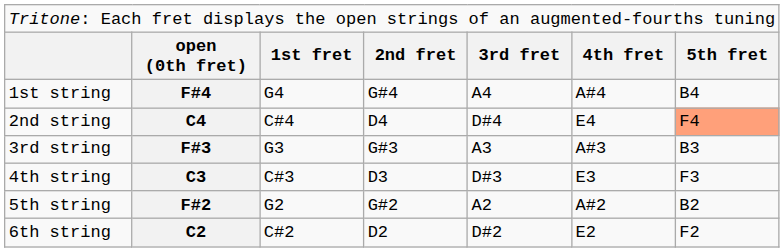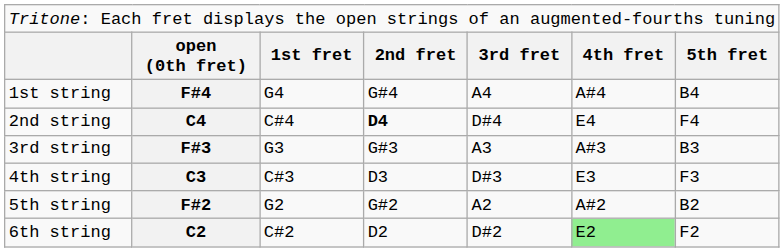 <table class="wikitable">
 <tr>
 <td align="center" colspan="7"><em>Tritone</em>: Each fret displays the open strings of an augmented-fourths tuning</td>
 </tr>
 <tr>
 <th></th>
 <th>open<br>(0th fret)</th>
 <th>1st fret</th>
 <th>2nd fret</th>
 <th>3rd fret</th>
 <th>4th fret</th>
 <th>5th fret</th>
 </tr>
 <tr>
 <td>1st string</td>
 <th>F#4</th>
 <td>G4</td>
 <td>G#4</td>
 <td>A4</td>
 <td>A#4</td>
 <td>B4</td>
 </tr>
 <tr>
 <td>2nd string</td>
 <th>C4</th>
 <td>C#4</td>
-<td>D4</td>
+<td><strong>D4</strong></td>
 <td>D#4</td>
 <td>E4</td>
-<td style="background: lightsalmon;">F4</td>
+<td>F4</td>
 </tr>
 <tr>
 <td>3rd string</td>
 <th>F#3</th>
 <td>G3</td>
 <td>G#3</td>
 <td>A3</td>
 <td>A#3</td>
 <td>B3</td>
 </tr>
 <tr>
 <td>4th string</td>
 <th>C3</th>
 <td>C#3</td>
 <td>D3</td>
 <td>D#3</td>
 <td>E3</td>
 <td>F3</td>
 </tr>
 <tr>
 <td>5th string</td>
 <th>F#2</th>
 <td>G2</td>
 <td>G#2</td>
 <td>A2</td>
 <td>A#2</td>
 <td>B2</td>
 </tr>
 <tr>
 <td>6th string</td>
 <th>C2</th>
 <td>C#2</td>
 <td>D2</td>
 <td>D#2</td>
-<td>E2</td>
+<td style="background: lightgreen;">E2</td>
 <td>F2</td>
 </tr>
 </table>
